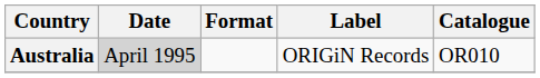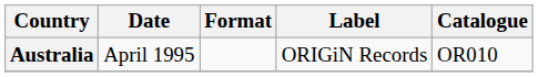 <table class="wikitable plainrowheaders">
 <tr>
 <th scope="col">Country</th>
 <th scope="col">Date</th>
 <th scope="col">Format</th>
 <th scope="col">Label</th>
 <th scope="col">Catalogue</th>
 </tr>
 <tr>
 <th scope="row">Australia</th>
-<td style="background: lightgrey;">April 1995</td>
+<td>April 1995</td>
 <td></td>
 <td>ORIGiN Records</td>
 <td>OR010</td>
 </tr>
 <tr>
 </tr>
 </table>
